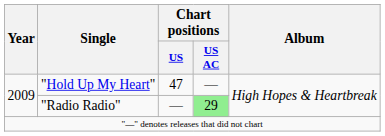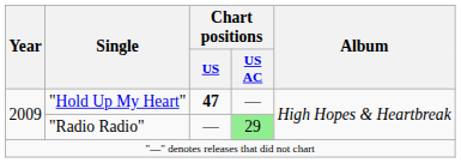 <table class="wikitable" style="text-align:center;">
 <tr>
 <th rowspan="2">Year</th>
 <th rowspan="2">Single</th>
 <th colspan="2">Chart positions</th>
 <th rowspan="2">Album</th>
 </tr>
 <tr style="font-size:smaller;">
 <th style="width:35px;"><a href='#'>US</a></th>
 <th style="width:35px;"><a href='#'>US AC</a></th>
 </tr>
 <tr>
 <td rowspan="2">2009</td>
 <td style="text-align:left;">"<a href='#'>Hold Up My Heart</a>"</td>
-<td>47</td>
+<td><strong>47</strong></td>
 <td>—</td>
 <td style="text-align:left;" rowspan="2"><em>High Hopes & Heartbreak</em></td>
 </tr>
 <tr>
 <td style="text-align:left;">"Radio Radio"</td>
 <td>—</td>
 <td style="background: lightgreen;">29</td>
 </tr>
 <tr>
 <td colspan="10" style="font-size:8pt">"—" denotes releases that did not chart</td>
 </tr>
 </table>
